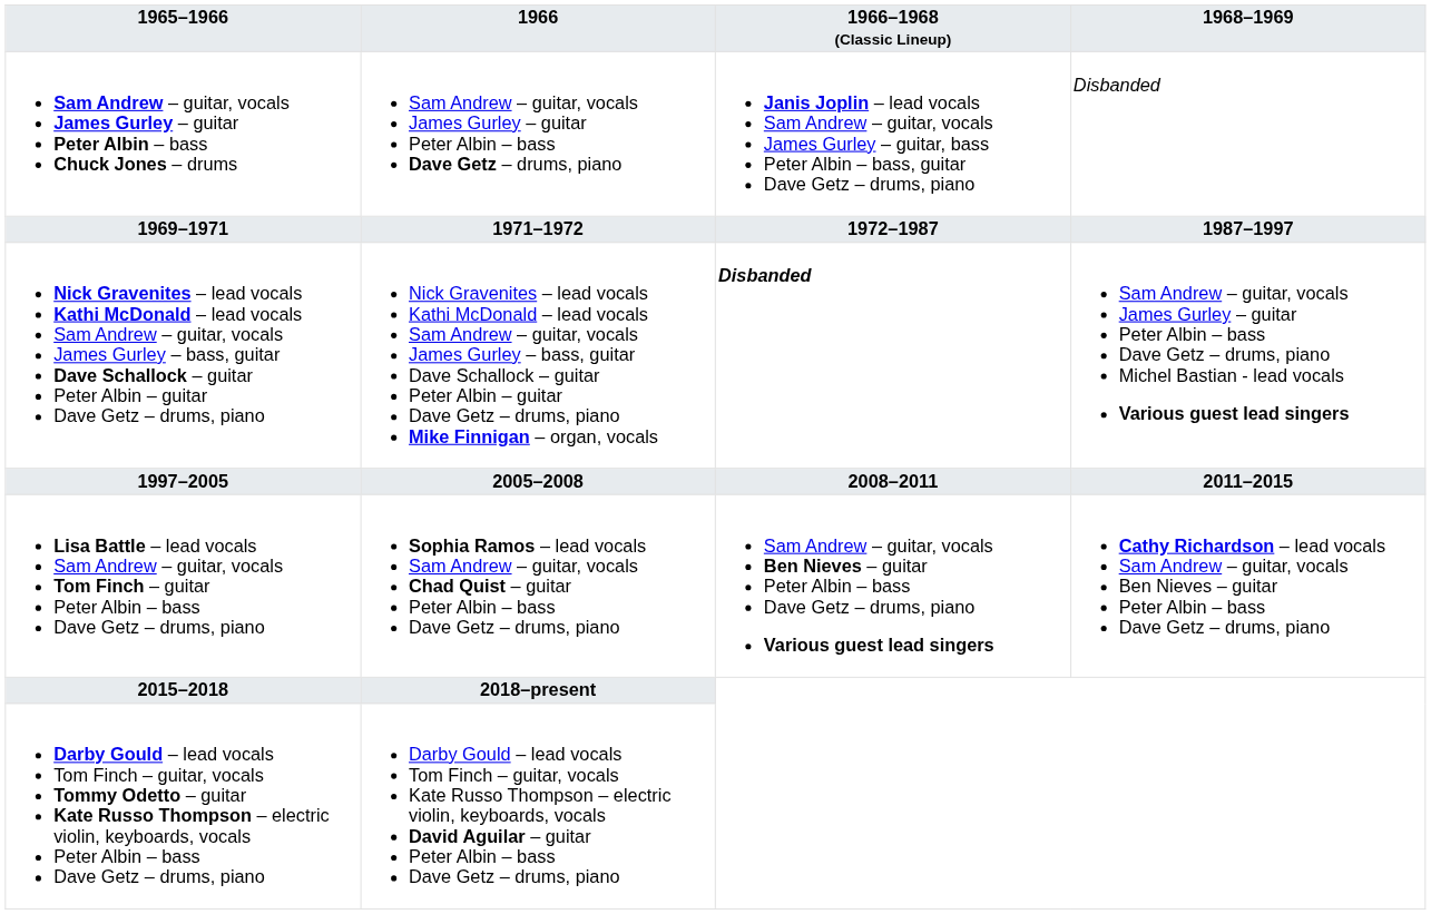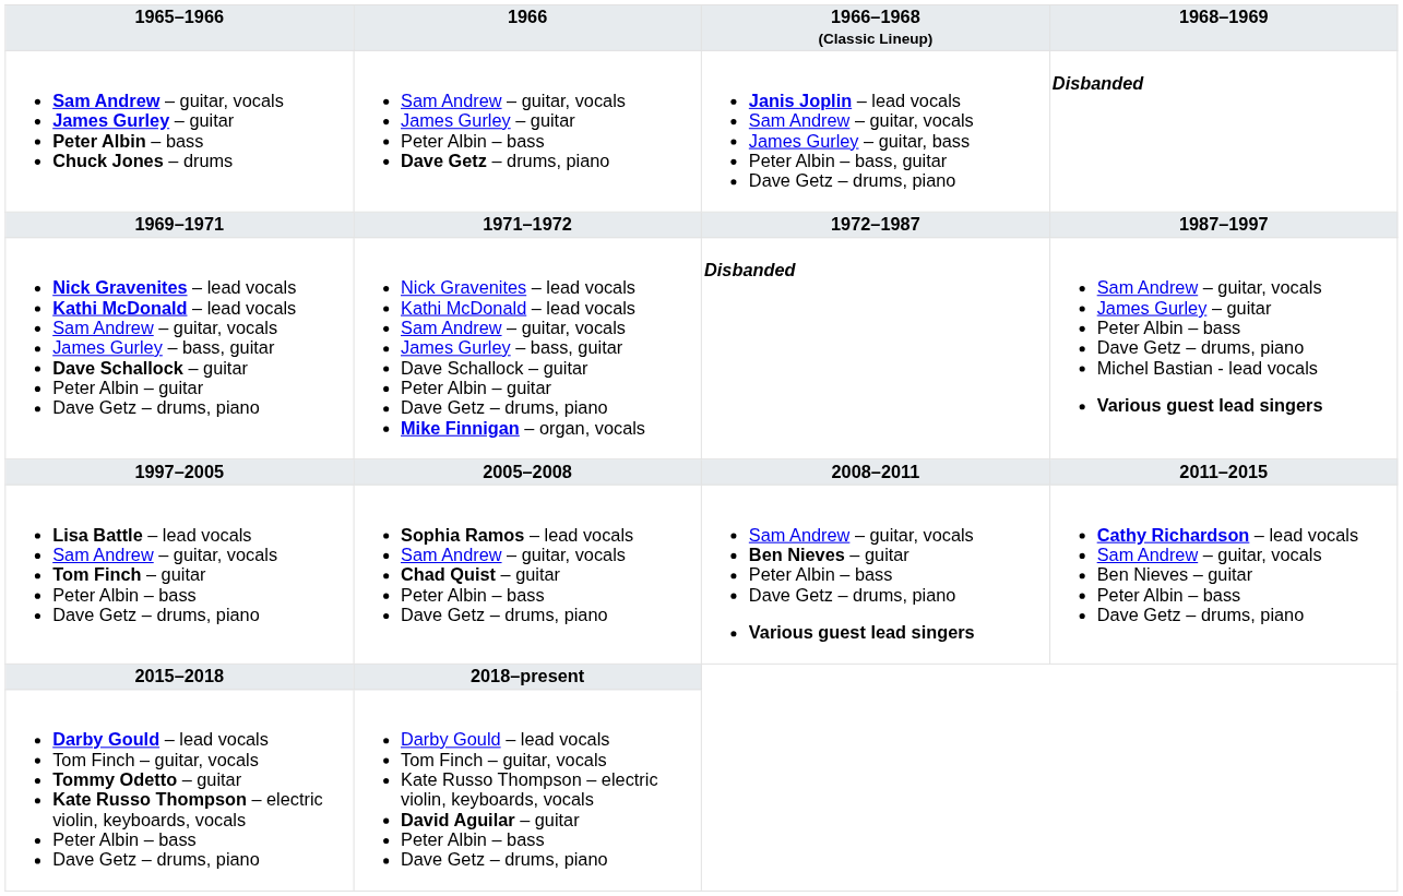 <table class="toccolours" border="1" cellpadding="2" cellspacing="0"  style="float:width:375px; margin:0 0 1em 1em; border-collapse:collapse; border:1px solid #e2e2e2; width:99%;">
 <tr>
 <th style="vertical-align:top; background:#e7ebee; width:25%;">1965–1966</th>
 <th style="vertical-align:top; background:#e7ebee; width:25%;">1966</th>
 <th style="vertical-align:top; background:#e7ebee; width:25%;">1966–1968<br><small>(Classic Lineup)</small></th>
 <th style="vertical-align:top; background:#e7ebee; width:25%;">1968–1969</th>
 </tr>
 <tr>
 <td valign=top><br><ul><li><strong><a href='#'>Sam Andrew</a></strong> – guitar, vocals</li><li><strong><a href='#'>James Gurley</a></strong> – guitar</li><li><strong>Peter Albin</strong> – bass</li><li><strong>Chuck Jones</strong> – drums</li></ul></td>
 <td valign=top><br><ul><li><a href='#'>Sam Andrew</a> – guitar, vocals</li><li><a href='#'>James Gurley</a> – guitar</li><li>Peter Albin – bass</li><li><strong>Dave Getz</strong> – drums, piano</li></ul></td>
 <td valign=top><br><ul><li><strong><a href='#'>Janis Joplin</a></strong> – lead vocals</li><li><a href='#'>Sam Andrew</a> – guitar, vocals</li><li><a href='#'>James Gurley</a> – guitar, bass</li><li>Peter Albin – bass, guitar</li><li>Dave Getz – drums, piano</li></ul></td>
-<td valign=top><br><em>Disbanded</em></td>
+<td valign=top><strong><br><em>Disbanded</em></strong></td>
 </tr>
 <tr>
 <th style="vertical-align:top; background:#e7ebee; width:25%;">1969–1971</th>
 <th style="vertical-align:top; background:#e7ebee; width:25%;">1971–1972</th>
 <th style="vertical-align:top; background:#e7ebee; width:25%;">1972–1987</th>
 <th style="vertical-align:top; background:#e7ebee; width:25%;">1987–1997</th>
 </tr>
 <tr>
 <td valign=top><br><ul><li><strong><a href='#'>Nick Gravenites</a></strong> – lead vocals</li><li><strong><a href='#'>Kathi McDonald</a></strong> – lead vocals</li><li><a href='#'>Sam Andrew</a> – guitar, vocals</li><li><a href='#'>James Gurley</a> – bass, guitar</li><li><strong>Dave Schallock</strong> – guitar</li><li>Peter Albin – guitar</li><li>Dave Getz – drums, piano</li></ul></td>
 <td valign=top><br><ul><li><a href='#'>Nick Gravenites</a> – lead vocals</li><li><a href='#'>Kathi McDonald</a> – lead vocals</li><li><a href='#'>Sam Andrew</a> – guitar, vocals</li><li><a href='#'>James Gurley</a> – bass, guitar</li><li>Dave Schallock – guitar</li><li>Peter Albin – guitar</li><li>Dave Getz – drums, piano</li><li><strong><a href='#'>Mike Finnigan</a></strong> – organ, vocals</li></ul></td>
 <td valign=top><strong><br><em>Disbanded</em></strong></td>
 <td valign=top><br><ul><li><a href='#'>Sam Andrew</a> – guitar, vocals</li><li><a href='#'>James Gurley</a> – guitar</li><li>Peter Albin – bass</li><li>Dave Getz – drums, piano</li><li>Michel Bastian - lead vocals</li></ul><ul><li><strong>Various guest lead singers</strong></li></ul></td>
 </tr>
 <tr>
 <th style="vertical-align:top; background:#e7ebee; width:25%;">1997–2005</th>
 <th style="vertical-align:top; background:#e7ebee; width:25%;">2005–2008</th>
 <th style="vertical-align:top; background:#e7ebee; width:25%;">2008–2011</th>
 <th style="vertical-align:top; background:#e7ebee; width:25%;">2011–2015</th>
 </tr>
 <tr>
 <td valign=top><br><ul><li><strong>Lisa Battle</strong> – lead vocals</li><li><a href='#'>Sam Andrew</a> – guitar, vocals</li><li><strong>Tom Finch</strong> – guitar</li><li>Peter Albin – bass</li><li>Dave Getz – drums, piano</li></ul></td>
 <td valign=top><br><ul><li><strong>Sophia Ramos</strong> – lead vocals</li><li><a href='#'>Sam Andrew</a> – guitar, vocals</li><li><strong>Chad Quist</strong> – guitar</li><li>Peter Albin – bass</li><li>Dave Getz – drums, piano</li></ul></td>
 <td valign=top><br><ul><li><a href='#'>Sam Andrew</a> – guitar, vocals</li><li><strong>Ben Nieves</strong> – guitar</li><li>Peter Albin – bass</li><li>Dave Getz – drums, piano</li></ul><ul><li><strong>Various guest lead singers</strong></li></ul></td>
 <td valign=top><br><ul><li><strong><a href='#'>Cathy Richardson</a></strong> – lead vocals</li><li><a href='#'>Sam Andrew</a> – guitar, vocals</li><li>Ben Nieves – guitar</li><li>Peter Albin – bass</li><li>Dave Getz – drums, piano</li></ul></td>
 </tr>
 <tr>
 <th style="vertical-align:top; background:#e7ebee; width:25%;">2015–2018</th>
 <th style="vertical-align:top; background:#e7ebee; width:25%;">2018–present</th>
 </tr>
 <tr>
 <td valign=top><br><ul><li><strong><a href='#'>Darby Gould</a></strong> – lead vocals</li><li>Tom Finch – guitar, vocals</li><li><strong>Tommy Odetto</strong> – guitar</li><li><strong>Kate Russo Thompson</strong> – electric violin, keyboards, vocals</li><li>Peter Albin – bass</li><li>Dave Getz – drums, piano</li></ul></td>
 <td valign=top><br><ul><li><a href='#'>Darby Gould</a> – lead vocals</li><li>Tom Finch – guitar, vocals</li><li>Kate Russo Thompson – electric violin, keyboards, vocals</li><li><strong>David Aguilar</strong> – guitar</li><li>Peter Albin – bass</li><li>Dave Getz – drums, piano</li></ul></td>
 </tr>
 </table>
